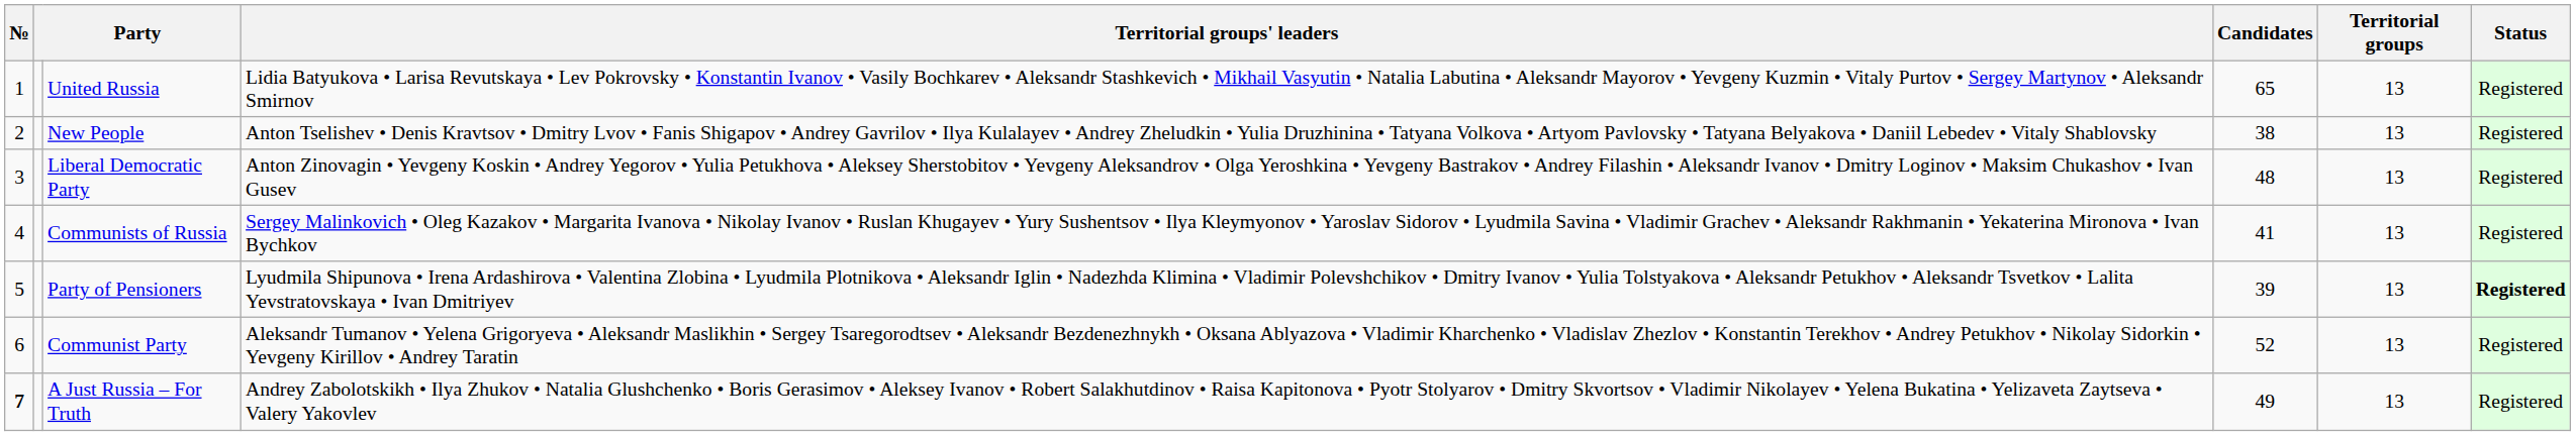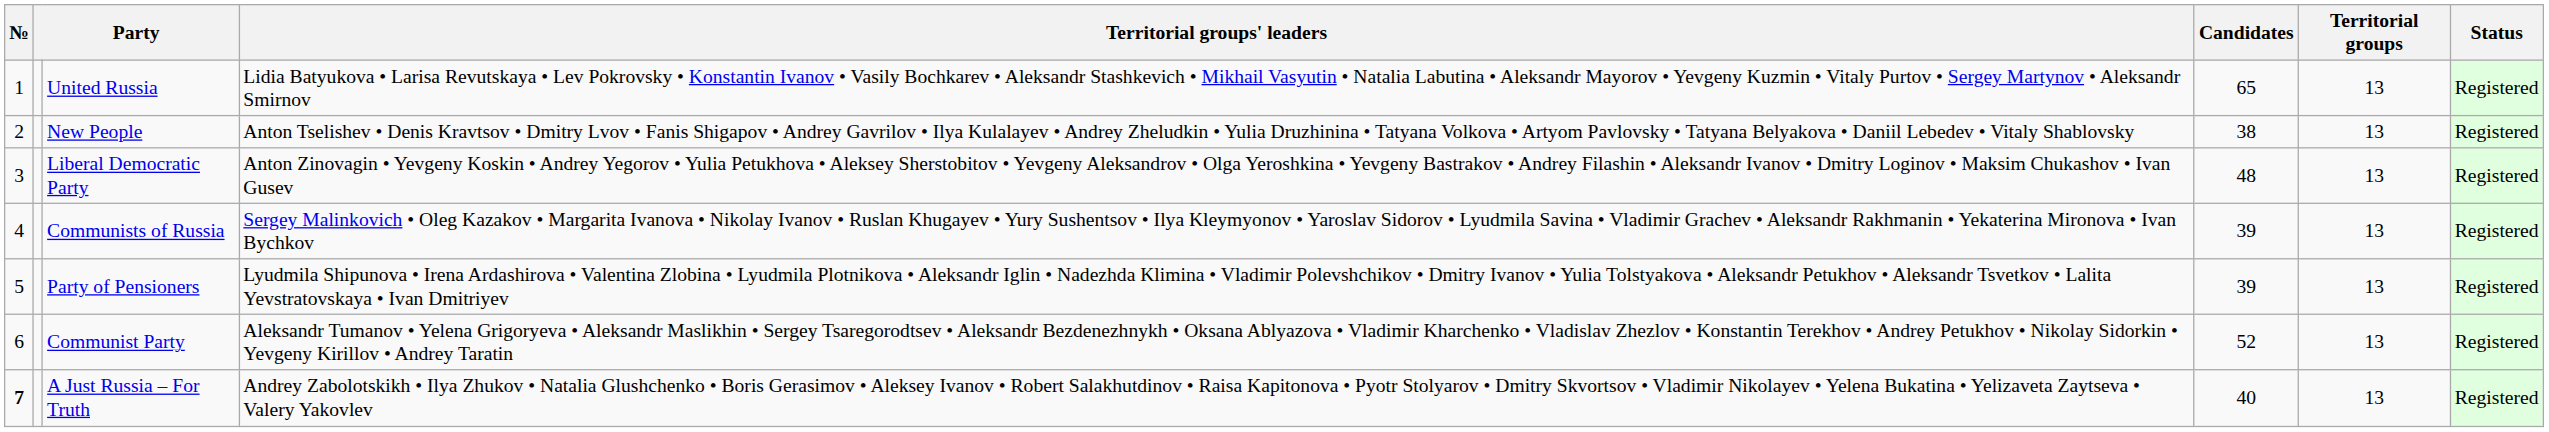 <table class="wikitable sortable" style="background: #f9f9f9; text-align:right; font-size: 95%">
 <tr>
 <th align=center>№</th>
 <th colspan="2">Party</th>
 <th align=center>Territorial groups' leaders</th>
 <th align=center>Candidates</th>
 <th align=center>Territorial groups</th>
 <th align=center>Status</th>
 </tr>
 <tr>
 <td align=center>1</td>
 <td style="background-color:"></td>
 <td align=left><a href='#'>United Russia</a></td>
 <td align=left>Lidia Batyukova • Larisa Revutskaya • Lev Pokrovsky • <a href='#'>Konstantin Ivanov</a> • Vasily Bochkarev • Aleksandr Stashkevich • <a href='#'>Mikhail Vasyutin</a> • Natalia Labutina • Aleksandr Mayorov • Yevgeny Kuzmin • Vitaly Purtov • <a href='#'>Sergey Martynov</a> • Aleksandr Smirnov</td>
 <td align=center>65</td>
 <td align=center>13</td>
 <td align=center bgcolor="#DFFFDF">Registered</td>
 </tr>
 <tr>
 <td align=center>2</td>
 <td style="background-color:"></td>
 <td align=left><a href='#'>New People</a></td>
 <td align=left>Anton Tselishev • Denis Kravtsov • Dmitry Lvov • Fanis Shigapov • Andrey Gavrilov • Ilya Kulalayev • Andrey Zheludkin • Yulia Druzhinina • Tatyana Volkova • Artyom Pavlovsky • Tatyana Belyakova • Daniil Lebedev • Vitaly Shablovsky</td>
 <td align=center>38</td>
 <td align=center>13</td>
 <td align=center bgcolor="#DFFFDF">Registered</td>
 </tr>
 <tr>
 <td align=center>3</td>
 <td style="background-color:"></td>
 <td align=left><a href='#'>Liberal Democratic Party</a></td>
 <td align=left>Anton Zinovagin • Yevgeny Koskin • Andrey Yegorov • Yulia Petukhova • Aleksey Sherstobitov • Yevgeny Aleksandrov • Olga Yeroshkina • Yevgeny Bastrakov • Andrey Filashin • Aleksandr Ivanov • Dmitry Loginov • Maksim Chukashov • Ivan Gusev</td>
 <td align=center>48</td>
 <td align=center>13</td>
 <td align=center bgcolor="#DFFFDF">Registered</td>
 </tr>
 <tr>
 <td align=center>4</td>
 <td style="background-color:"></td>
 <td align=left><a href='#'>Communists of Russia</a></td>
 <td align=left><a href='#'>Sergey Malinkovich</a> • Oleg Kazakov • Margarita Ivanova • Nikolay Ivanov • Ruslan Khugayev • Yury Sushentsov • Ilya Kleymyonov • Yaroslav Sidorov • Lyudmila Savina • Vladimir Grachev • Aleksandr Rakhmanin • Yekaterina Mironova • Ivan Bychkov</td>
-<td align=center>41</td>
+<td align=center>39</td>
 <td align=center>13</td>
 <td align=center bgcolor="#DFFFDF">Registered</td>
 </tr>
 <tr>
 <td align=center>5</td>
 <td style="background-color:"></td>
 <td align=left><a href='#'>Party of Pensioners</a></td>
 <td align=left>Lyudmila Shipunova • Irena Ardashirova • Valentina Zlobina • Lyudmila Plotnikova • Aleksandr Iglin • Nadezhda Klimina • Vladimir Polevshchikov • Dmitry Ivanov • Yulia Tolstyakova • Aleksandr Petukhov • Aleksandr Tsvetkov • Lalita Yevstratovskaya • Ivan Dmitriyev</td>
 <td align=center>39</td>
 <td align=center>13</td>
-<td align=center bgcolor="#DFFFDF"><strong>Registered</strong></td>
+<td align=center bgcolor="#DFFFDF">Registered</td>
 </tr>
 <tr>
 <td align=center>6</td>
 <td style="background-color:"></td>
 <td align=left><a href='#'>Communist Party</a></td>
 <td align=left>Aleksandr Tumanov • Yelena Grigoryeva • Aleksandr Maslikhin • Sergey Tsaregorodtsev • Aleksandr Bezdenezhnykh • Oksana Ablyazova • Vladimir Kharchenko • Vladislav Zhezlov • Konstantin Terekhov • Andrey Petukhov • Nikolay Sidorkin • Yevgeny Kirillov • Andrey Taratin</td>
 <td align=center>52</td>
 <td align=center>13</td>
 <td align=center bgcolor="#DFFFDF">Registered</td>
 </tr>
 <tr>
 <td align=center><strong>7</strong></td>
 <td style="background-color:"></td>
 <td align=left><a href='#'>A Just Russia – For Truth</a></td>
 <td align=left>Andrey Zabolotskikh • Ilya Zhukov • Natalia Glushchenko • Boris Gerasimov • Aleksey Ivanov • Robert Salakhutdinov • Raisa Kapitonova • Pyotr Stolyarov • Dmitry Skvortsov • Vladimir Nikolayev • Yelena Bukatina • Yelizaveta Zaytseva • Valery Yakovlev</td>
-<td align=center>49</td>
+<td align=center>40</td>
 <td align=center>13</td>
 <td align=center bgcolor="#DFFFDF">Registered</td>
 </tr>
 </table>
